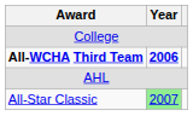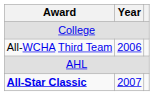 <table class="wikitable">
 <tr>
 <th>Award</th>
 <th>Year</th>
 <th></th>
 </tr>
 <tr ALIGN="center" bgcolor="#e0e0e0">
 <td colspan="3"><a href='#'>College</a></td>
 </tr>
 <tr>
-<td><strong>All-<a href='#'>WCHA</a> <a href='#'>Third Team</a></strong></td>
-<td><strong><a href='#'>2006</a></strong></td>
+<td>All-<a href='#'>WCHA</a> <a href='#'>Third Team</a></td>
+<td><a href='#'>2006</a></td>
 <td></td>
 </tr>
 <tr ALIGN="center" bgcolor="#e0e0e0">
 <td colspan="3"><a href='#'>AHL</a></td>
 </tr>
 <tr>
-<td><a href='#'>All-Star Classic</a></td>
-<td style="background: lightgreen;"><a href='#'>2007</a></td>
+<td><strong><a href='#'>All-Star Classic</a></strong></td>
+<td><a href='#'>2007</a></td>
 <td></td>
 </tr>
 </table>
